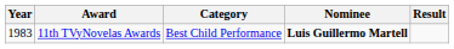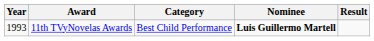 <table class="wikitable">
 <tr style="background:#b0c4de;">
 <th>Year</th>
 <th>Award</th>
 <th>Category</th>
 <th>Nominee</th>
 <th>Result</th>
 </tr>
 <tr>
-<td>1983</td>
+<td>1993</td>
 <td><a href='#'>11th TVyNovelas Awards</a></td>
 <td><a href='#'>Best Child Performance</a></td>
 <td><strong>Luis Guillermo Martell</strong></td>
 <td></td>
 </tr>
 </table>
